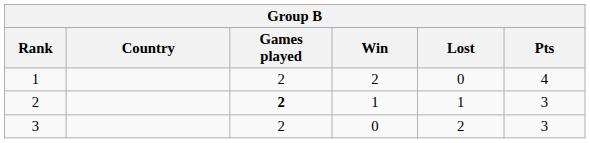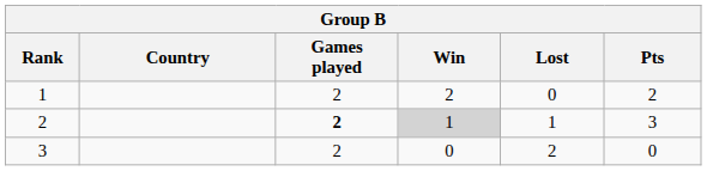 <table class="wikitable" style= "text-align: center; Width:50%">
 <tr>
 <th colspan= 6>Group B</th>
 </tr>
 <tr>
 <th width=2%>Rank</th>
 <th width=10%>Country</th>
 <th width=5%>Games <br> played</th>
 <th width=5%>Win</th>
 <th width=5%>Lost</th>
 <th width=5%>Pts</th>
 </tr>
 <tr>
 <td>1</td>
 <td style= "text-align: left"></td>
 <td>2</td>
 <td>2</td>
 <td>0</td>
-<td>4</td>
+<td>2</td>
 </tr>
 <tr>
 <td>2</td>
 <td style= "text-align: left"></td>
 <td><strong>2</strong></td>
-<td>1</td>
+<td style="background: lightgrey;">1</td>
 <td>1</td>
 <td>3</td>
 </tr>
 <tr>
 <td>3</td>
 <td style= "text-align: left"></td>
 <td>2</td>
 <td>0</td>
 <td>2</td>
-<td>3</td>
+<td>0</td>
 </tr>
 </table>
